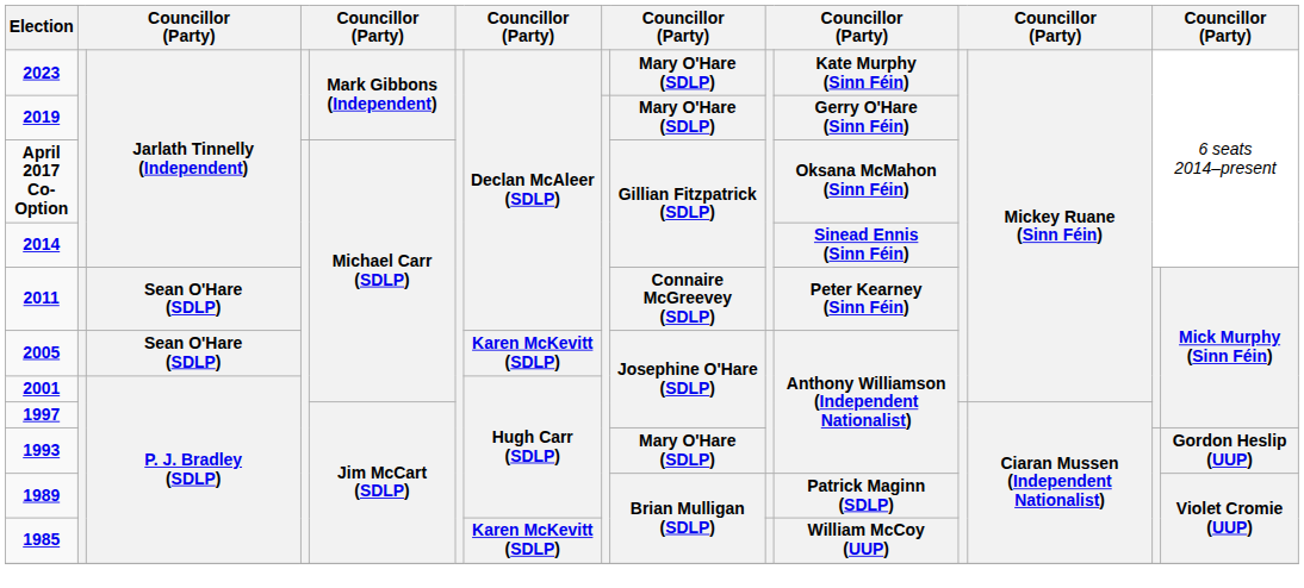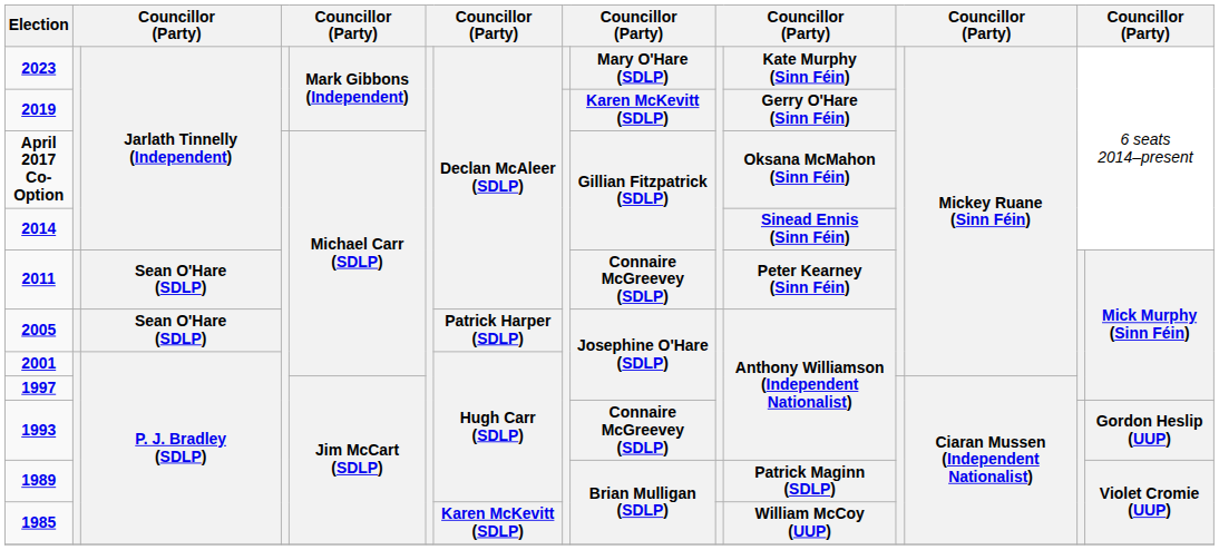 <table class="wikitable" style="text-align:center">
 <tr>
 <th scope="col" width="50">Election</th>
 <th scope="col" width="150" colspan = "2">Councillor<br> (Party)</th>
 <th scope="col" width="150" colspan = "2">Councillor<br> (Party)</th>
 <th scope="col" width="150" colspan = "2">Councillor<br> (Party)</th>
 <th scope="col" width="150" colspan = "2">Councillor<br> (Party)</th>
 <th scope="col" width="150" colspan = "2">Councillor<br> (Party)</th>
 <th scope="col" width="150" colspan = "2">Councillor<br> (Party)</th>
 <th scope="col" width="150" colspan = "2">Councillor<br> (Party)</th>
 </tr>
 <tr>
 <td><strong><a href='#'>2023</a></strong></td>
 <th rowspan="4" width="1" style="background-color: "></th>
 <th rowspan = "4">Jarlath Tinnelly (<a href='#'>Independent</a>)</th>
 <th rowspan="2" width="1" style="background-color: "></th>
 <th rowspan = "2">Mark Gibbons <br> (<a href='#'>Independent</a>)</th>
 <th rowspan="11" width="1" style="background-color: "></th>
 <th rowspan = "5">Declan McAleer <br> (<a href='#'>SDLP</a>)</th>
 <th rowspan="1" width="1" style="background-color: "></th>
 <th rowspan = "1">Mary O'Hare <br> (<a href='#'>SDLP</a>)</th>
 <th rowspan="5" width="1" style="background-color: "></th>
 <th rowspan = "1">Kate Murphy <br> (<a href='#'>Sinn Féin</a>)</th>
 <th rowspan="7" width="1" style="background-color: "></th>
 <th rowspan = "7">Mickey Ruane <br> (<a href='#'>Sinn Féin</a>)</th>
 <td colspan="2" rowspan="4" style="background-color:#FFFFFF"><em>6 seats<br>2014–present</em></td>
 </tr>
 <tr>
 <td><strong><a href='#'>2019</a></strong></td>
 <th rowspan="10" width="1" style="background-color: "></th>
-<th rowspan = "1">Mary O'Hare <br> (<a href='#'>SDLP</a>)</th>
+<th rowspan = "1"><a href='#'>Karen McKevitt</a> <br> (<a href='#'>SDLP</a>)</th>
 <th rowspan = "1">Gerry O'Hare <br> (<a href='#'>Sinn Féin</a>)</th>
 </tr>
 <tr>
 <td><strong>April 2017 Co-Option</strong></td>
 <th rowspan="9" width="1" style="background-color: "></th>
 <th rowspan = "5">Michael Carr <br> (<a href='#'>SDLP</a>)</th>
 <th rowspan = "2">Gillian Fitzpatrick <br> (<a href='#'>SDLP</a>)</th>
 <th rowspan = "1">Oksana McMahon <br> (<a href='#'>Sinn Féin</a>)</th>
 </tr>
 <tr>
 <td><strong><a href='#'>2014</a></strong></td>
 <th rowspan = "1"><a href='#'>Sinead Ennis</a> <br> (<a href='#'>Sinn Féin</a>)</th>
 </tr>
 <tr>
 <td><strong><a href='#'>2011</a></strong></td>
 <th rowspan="1" width="1" style="background-color: "></th>
 <th rowspan = "1">Sean O'Hare <br> (<a href='#'>SDLP</a>)</th>
 <th rowspan = "1">Connaire McGreevey <br> (<a href='#'>SDLP</a>)</th>
 <th rowspan = "1">Peter Kearney <br> (<a href='#'>Sinn Féin</a>)</th>
 <th rowspan="4" width="1" style="background-color: "></th>
 <th rowspan = "4"><a href='#'>Mick Murphy</a> <br> (<a href='#'>Sinn Féin</a>)</th>
 </tr>
 <tr>
 <td><strong><a href='#'>2005</a></strong></td>
 <th rowspan="1" width="1" style="background-color: "></th>
 <th rowspan = "1">Sean O'Hare <br> (<a href='#'>SDLP</a>)</th>
-<th rowspan = "1"><a href='#'>Karen McKevitt</a> <br> (<a href='#'>SDLP</a>)</th>
+<th rowspan = "1">Patrick Harper <br> (<a href='#'>SDLP</a>)</th>
 <th rowspan = "3">Josephine O'Hare <br> (<a href='#'>SDLP</a>)</th>
 <th rowspan="4" width="1" style="background-color: "></th>
 <th rowspan = "4">Anthony Williamson <br> (<a href='#'>Independent Nationalist</a>)</th>
 </tr>
 <tr>
 <td><strong><a href='#'>2001</a></strong></td>
 <th rowspan="5" width="1" style="background-color: "></th>
 <th rowspan = "5"><a href='#'>P. J. Bradley</a> <br> (<a href='#'>SDLP</a>)</th>
 <th rowspan = "4">Hugh Carr <br> (<a href='#'>SDLP</a>)</th>
 </tr>
 <tr>
 <td><strong><a href='#'>1997</a></strong></td>
 <th rowspan = "4">Jim McCart <br> (<a href='#'>SDLP</a>)</th>
 <th rowspan="4" width="1" style="background-color: "></th>
 <th rowspan = "4">Ciaran Mussen <br> (<a href='#'>Independent Nationalist</a>)</th>
 </tr>
 <tr>
 <td><strong><a href='#'>1993</a></strong></td>
-<th rowspan = "1">Mary O'Hare <br> (<a href='#'>SDLP</a>)</th>
+<th rowspan = "1">Connaire McGreevey <br> (<a href='#'>SDLP</a>)</th>
 <th rowspan="3" width="1" style="background-color: "></th>
 <th rowspan = "1">Gordon Heslip <br> (<a href='#'>UUP</a>)</th>
 </tr>
 <tr>
 <td><strong><a href='#'>1989</a></strong></td>
 <th rowspan = "2">Brian Mulligan <br> (<a href='#'>SDLP</a>)</th>
 <th rowspan="1" width="1" style="background-color: "></th>
 <th rowspan = "1">Patrick Maginn <br> (<a href='#'>SDLP</a>)</th>
 <th rowspan = "2">Violet Cromie <br> (<a href='#'>UUP</a>)</th>
 </tr>
 <tr>
 <td><strong><a href='#'>1985</a></strong></td>
 <th rowspan = "1"><a href='#'>Karen McKevitt</a> <br> (<a href='#'>SDLP</a>)</th>
 <th rowspan="1" width="1" style="background-color: "></th>
 <th rowspan = "1">William McCoy <br> (<a href='#'>UUP</a>)</th>
 </tr>
 <tr>
 </tr>
 </table>
